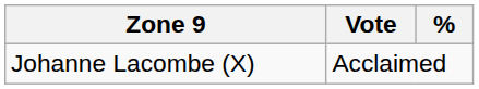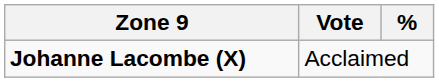 <table class="wikitable">
 <tr>
 <th bgcolor="#DDDDFF" width="200px">Zone 9</th>
 <th bgcolor="#DDDDFF" width="50px">Vote</th>
 <th bgcolor="#DDDDFF" width="30px">%</th>
 </tr>
 <tr>
-<td>Johanne Lacombe (X)</td>
+<td><strong>Johanne Lacombe (X)</strong></td>
 <td colspan="2">Acclaimed</td>
 </tr>
 </table>
